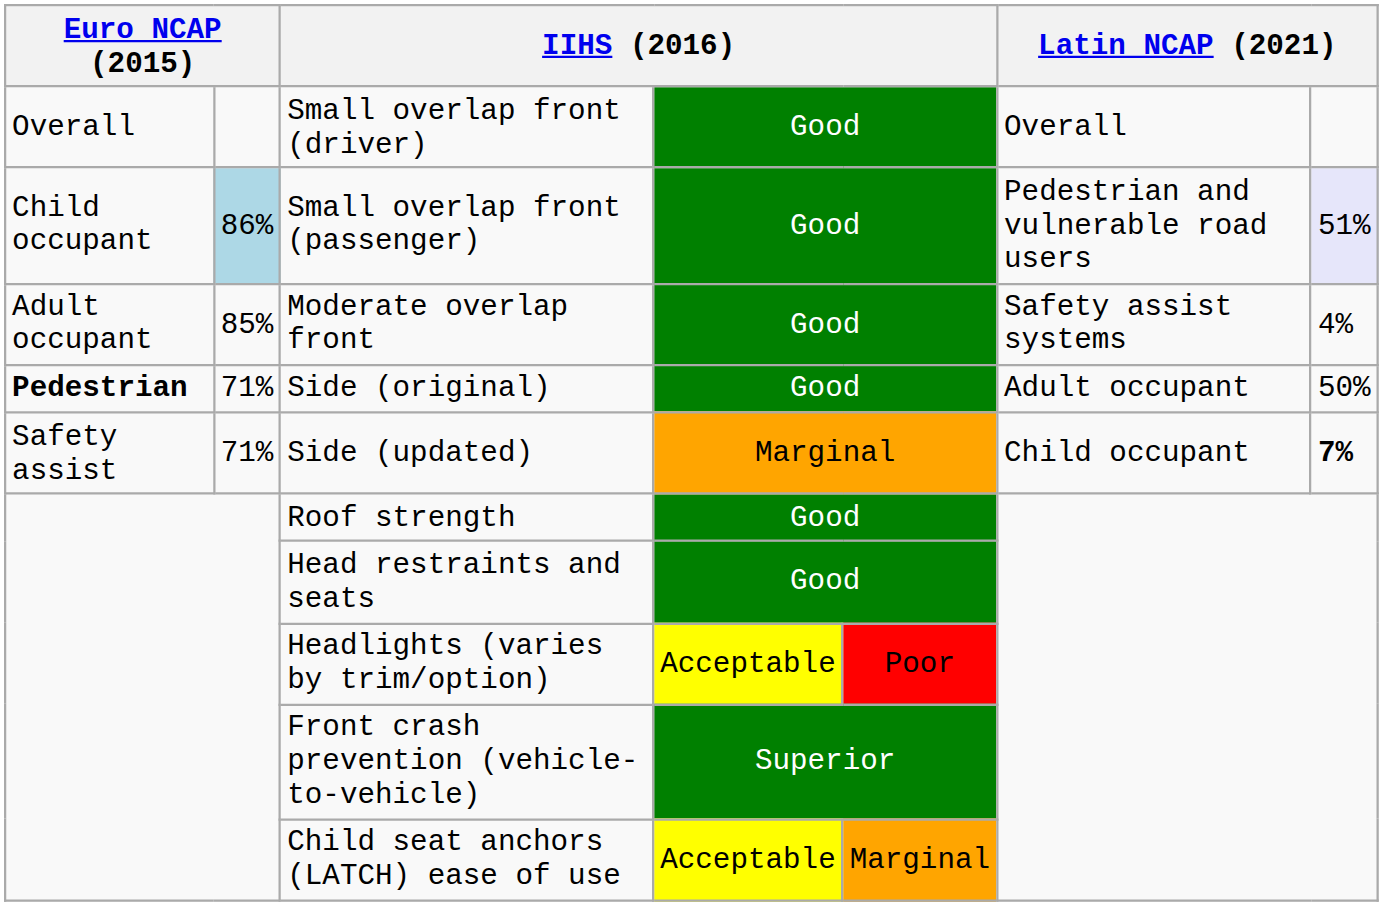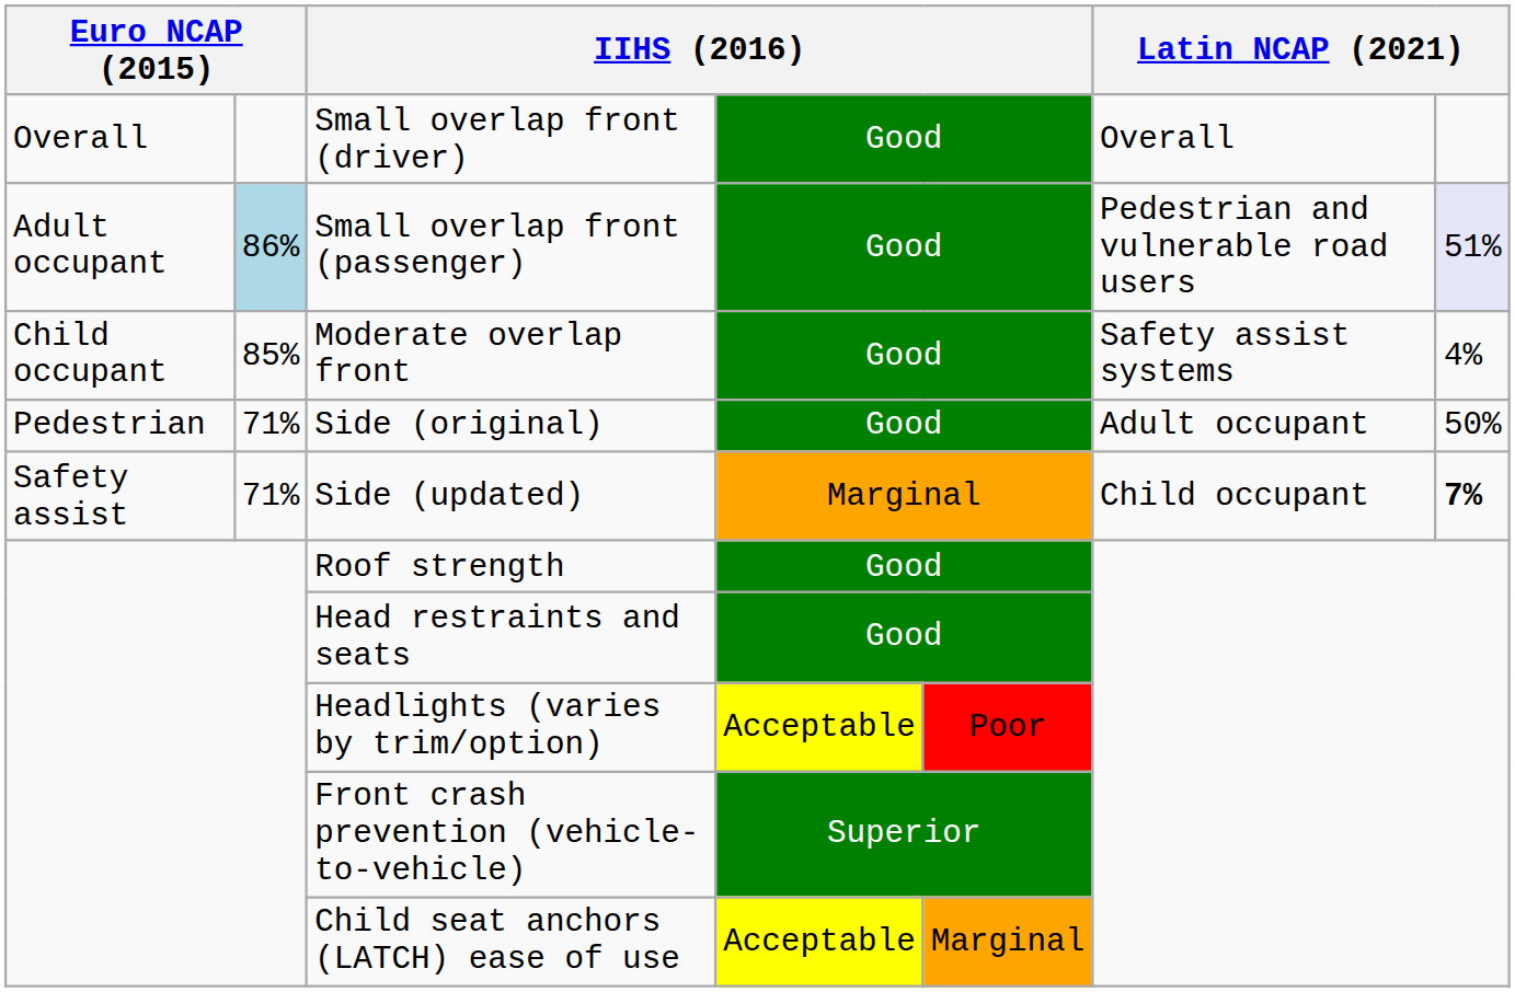 <table class="wikitable">
 <tr>
 <th colspan="2"><a href='#'>Euro NCAP</a> (2015)</th>
 <th colspan="3"><a href='#'>IIHS</a> (2016)</th>
 <th colspan="2"><a href='#'>Latin NCAP</a> (2021)</th>
 </tr>
 <tr>
 <td>Overall</td>
 <td></td>
 <td>Small overlap front (driver)</td>
 <td colspan="2" style="text-align:center;color:white;background:green">Good</td>
 <td>Overall</td>
 <td></td>
 </tr>
 <tr>
-<td>Child occupant</td>
+<td>Adult occupant</td>
 <td style="background: lightblue;">86%</td>
 <td>Small overlap front (passenger)</td>
 <td colspan="2" style="text-align:center;color:white;background:green">Good</td>
 <td>Pedestrian and vulnerable road users</td>
 <td style="background: lavender;">51%</td>
 </tr>
 <tr>
-<td>Adult occupant</td>
+<td>Child occupant</td>
 <td>85%</td>
 <td>Moderate overlap front</td>
 <td colspan="2" style="text-align:center;color:white;background:green">Good</td>
 <td>Safety assist systems</td>
 <td>4%</td>
 </tr>
 <tr>
-<td><strong>Pedestrian</strong></td>
+<td>Pedestrian</td>
 <td>71%</td>
 <td>Side (original)</td>
 <td colspan="2" style="text-align:center;color:white;background:green">Good</td>
 <td>Adult occupant</td>
 <td>50%</td>
 </tr>
 <tr>
 <td>Safety assist</td>
 <td>71%</td>
 <td>Side (updated)</td>
 <td colspan="2" style="text-align:center;color:black;background:orange">Marginal</td>
 <td>Child occupant</td>
 <td><strong>7%</strong></td>
 </tr>
 <tr>
 <td colspan="2" rowspan="5"></td>
 <td>Roof strength</td>
 <td colspan="2" style="text-align:center;color:white;background:green">Good</td>
 <td colspan="2" rowspan="5"></td>
 </tr>
 <tr>
 <td>Head restraints and seats</td>
 <td colspan="2" style="text-align:center;color:white;background:green">Good</td>
 </tr>
 <tr>
 <td>Headlights (varies by trim/option)</td>
 <td style="text-align:center;color:black;background:yellow">Acceptable</td>
 <td style="text-align:center;color:black;background:red">Poor</td>
 </tr>
 <tr>
 <td>Front crash prevention (vehicle-to-vehicle)</td>
 <td colspan="2" style="text-align:center;color:white;background:green">Superior</td>
 </tr>
 <tr>
 <td>Child seat anchors (LATCH) ease of use</td>
 <td style="text-align:center;color:black;background:yellow">Acceptable</td>
 <td style="text-align:center;color:black;background:orange">Marginal</td>
 </tr>
 </table>
